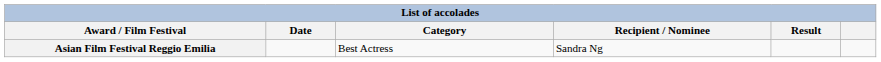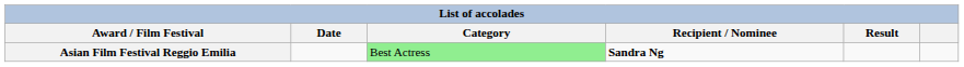 <table class="wikitable plainrowheaders sortable" width="100%">
 <tr>
 <th colspan=6 style="background:#B0C4DE;">List of accolades</th>
 </tr>
 <tr style="background:#ccc; text-align:center;">
 <th scope="col" width="30%">Award / Film Festival</th>
 <th scope="col" width="8%">Date</th>
 <th scope="col" width="25%">Category</th>
 <th scope="col" width="25%">Recipient / Nominee</th>
 <th scope="col" width="8%">Result</th>
 <th scope="col" class="unsortable"></th>
 </tr>
 <tr>
 <th scope="row">Asian Film Festival Reggio Emilia</th>
 <td></td>
-<td>Best Actress</td>
-<td>Sandra Ng</td>
+<td style="background: lightgreen;">Best Actress</td>
+<td><strong>Sandra Ng</strong></td>
 <td></td>
 <td rowspan=1 style="text-align:center;"></td>
 </tr>
 </table>
